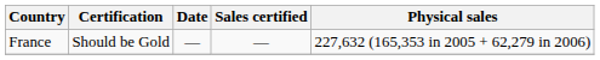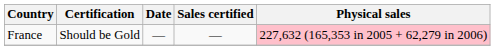 <table class="wikitable sortable">
 <tr>
 <th>Country</th>
 <th>Certification</th>
 <th>Date</th>
 <th>Sales certified</th>
 <th>Physical sales</th>
 </tr>
 <tr>
 <td>France</td>
 <td align="center">Should be Gold</td>
 <td align="center">—</td>
 <td align="center">—</td>
-<td align="center">227,632 (165,353 in 2005 + 62,279 in 2006)</td>
+<td align="center" style="background: pink;">227,632 (165,353 in 2005 + 62,279 in 2006)</td>
 </tr>
 <tr>
 </tr>
 </table>
